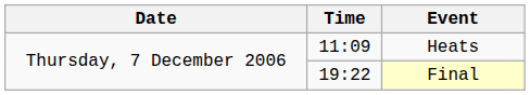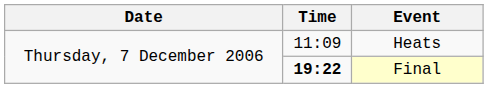 <table class = "wikitable" style="text-align:center;">
 <tr>
 <th width=220>Date</th>
 <th width=50>Time</th>
 <th width=100>Event</th>
 </tr>
 <tr>
 <td rowspan=2>Thursday, 7 December 2006</td>
 <td>11:09</td>
 <td>Heats</td>
 </tr>
 <tr>
-<td>19:22</td>
+<td><strong>19:22</strong></td>
 <td bgcolor=ffffcc>Final</td>
 </tr>
 </table>
